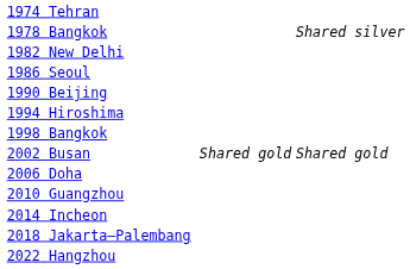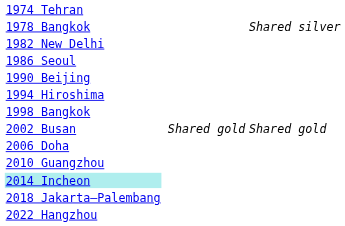 <table>
 <tr>
 <td><a href='#'>1974 Tehran</a></td>
 <td></td>
 <td></td>
 <td></td>
 </tr>
 <tr>
 <td rowspan=2><a href='#'>1978 Bangkok</a></td>
 <td rowspan=2></td>
 <td></td>
 <td rowspan=2><em>Shared silver</em></td>
 </tr>
 <tr>
 <td></td>
 </tr>
 <tr>
 <td><a href='#'>1982 New Delhi</a></td>
 <td></td>
 <td></td>
 <td></td>
 </tr>
 <tr>
 <td><a href='#'>1986 Seoul</a></td>
 <td></td>
 <td></td>
 <td></td>
 </tr>
 <tr>
 <td><a href='#'>1990 Beijing</a></td>
 <td></td>
 <td></td>
 <td></td>
 </tr>
 <tr>
 <td><a href='#'>1994 Hiroshima</a></td>
 <td></td>
 <td></td>
 <td></td>
 </tr>
 <tr>
 <td rowspan=2><a href='#'>1998 Bangkok</a></td>
 <td rowspan=2></td>
 <td rowspan=2></td>
 <td></td>
 </tr>
 <tr>
 <td></td>
 </tr>
 <tr>
 <td rowspan=3><a href='#'>2002 Busan</a></td>
 <td></td>
 <td rowspan=3><em>Shared gold</em></td>
 <td rowspan=3><em>Shared gold</em></td>
 </tr>
 <tr>
 <td></td>
 </tr>
 <tr>
 <td></td>
 </tr>
 <tr>
 <td><a href='#'>2006 Doha</a></td>
 <td></td>
 <td></td>
 <td></td>
 </tr>
 <tr>
 <td><a href='#'>2010 Guangzhou</a></td>
 <td></td>
 <td></td>
 <td></td>
 </tr>
 <tr>
-<td><a href='#'>2014 Incheon</a></td>
+<td style="background: paleturquoise;"><a href='#'>2014 Incheon</a></td>
 <td></td>
 <td></td>
 <td></td>
 </tr>
 <tr>
 <td><a href='#'>2018 Jakarta–Palembang</a></td>
 <td></td>
 <td></td>
 <td></td>
 </tr>
 <tr>
 <td><a href='#'>2022 Hangzhou</a></td>
 <td></td>
 <td></td>
 <td></td>
 </tr>
 </table>
